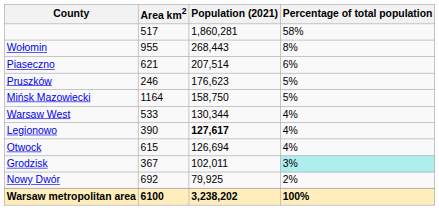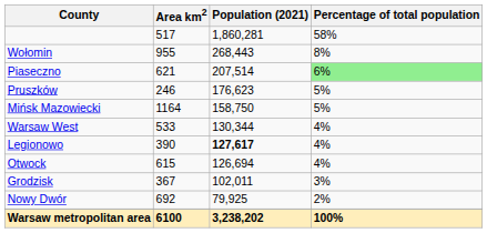 <table class="wikitable">
 <tr>
 <th>County</th>
 <th>Area km<sup>2</sup></th>
 <th>Population (2021)</th>
 <th>Percentage of total population</th>
 </tr>
 <tr>
 <td></td>
 <td>517</td>
 <td>1,860,281</td>
 <td>58%</td>
 </tr>
 <tr>
 <td><a href='#'>Wołomin</a></td>
 <td>955</td>
 <td>268,443</td>
 <td>8%</td>
 </tr>
 <tr>
 <td><a href='#'>Piaseczno</a></td>
 <td>621</td>
 <td>207,514</td>
-<td>6%</td>
+<td style="background: lightgreen;">6%</td>
 </tr>
 <tr>
 <td><a href='#'>Pruszków</a></td>
 <td>246</td>
 <td>176,623</td>
 <td>5%</td>
 </tr>
 <tr>
 <td><a href='#'>Mińsk Mazowiecki</a></td>
 <td>1164</td>
 <td>158,750</td>
 <td>5%</td>
 </tr>
 <tr>
 <td><a href='#'>Warsaw West</a></td>
 <td>533</td>
 <td>130,344</td>
 <td>4%</td>
 </tr>
 <tr>
 <td><a href='#'>Legionowo</a></td>
 <td>390</td>
 <td><strong>127,617</strong></td>
 <td>4%</td>
 </tr>
 <tr>
 <td><a href='#'>Otwock</a></td>
 <td>615</td>
 <td>126,694</td>
 <td>4%</td>
 </tr>
 <tr>
 <td><a href='#'>Grodzisk</a></td>
 <td>367</td>
 <td>102,011</td>
-<td style="background: paleturquoise;">3%</td>
+<td>3%</td>
 </tr>
 <tr>
 <td><a href='#'>Nowy Dwór</a></td>
 <td>692</td>
 <td>79,925</td>
 <td>2%</td>
 </tr>
 <tr>
 </tr>
 <tr style="background:#feb;">
 <td><strong>Warsaw metropolitan area</strong></td>
 <td><strong>6100</strong></td>
 <td><strong>3,238,202</strong></td>
 <td><strong>100%</strong></td>
 </tr>
 </table>
